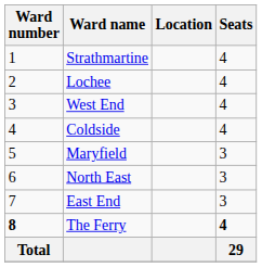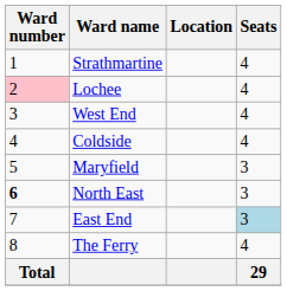 <table class="wikitable sortable">
 <tr>
 <th>Ward<br>number</th>
 <th>Ward name</th>
 <th>Location</th>
 <th>Seats</th>
 </tr>
 <tr>
 <td>1</td>
 <td><a href='#'>Strathmartine</a></td>
 <td></td>
 <td>4</td>
 </tr>
 <tr>
-<td>2</td>
+<td style="background: pink;">2</td>
 <td><a href='#'>Lochee</a></td>
 <td></td>
 <td>4</td>
 </tr>
 <tr>
 <td>3</td>
 <td><a href='#'>West End</a></td>
 <td></td>
 <td>4</td>
 </tr>
 <tr>
 <td>4</td>
 <td><a href='#'>Coldside</a></td>
 <td></td>
 <td>4</td>
 </tr>
 <tr>
 <td>5</td>
 <td><a href='#'>Maryfield</a></td>
 <td></td>
 <td>3</td>
 </tr>
 <tr>
-<td>6</td>
+<td><strong>6</strong></td>
 <td><a href='#'>North East</a></td>
 <td></td>
 <td>3</td>
 </tr>
 <tr>
 <td>7</td>
 <td><a href='#'>East End</a></td>
 <td></td>
-<td>3</td>
+<td style="background: lightblue;">3</td>
 </tr>
 <tr>
-<td><strong>8</strong></td>
+<td>8</td>
 <td><a href='#'>The Ferry</a></td>
 <td></td>
-<td><strong>4</strong></td>
+<td>4</td>
 </tr>
 <tr>
 <th>Total</th>
 <th></th>
 <th></th>
 <th>29</th>
 </tr>
 <tr>
 </tr>
 </table>
